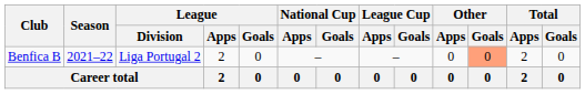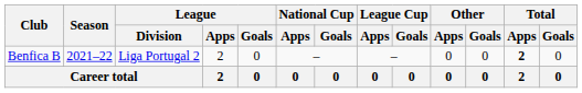 <table class="wikitable" style="text-align: center">
 <tr>
 <th rowspan="2">Club</th>
 <th rowspan="2">Season</th>
 <th colspan="3">League</th>
 <th colspan="2">National Cup</th>
 <th colspan="2">League Cup</th>
 <th colspan="2">Other</th>
 <th colspan="2">Total</th>
 </tr>
 <tr>
 <th>Division</th>
 <th>Apps</th>
 <th>Goals</th>
 <th>Apps</th>
 <th>Goals</th>
 <th>Apps</th>
 <th>Goals</th>
 <th>Apps</th>
 <th>Goals</th>
 <th>Apps</th>
 <th>Goals</th>
 </tr>
 <tr>
 <td><a href='#'>Benfica B</a></td>
 <td><a href='#'>2021–22</a></td>
 <td><a href='#'>Liga Portugal 2</a></td>
 <td>2</td>
 <td>0</td>
 <td colspan="2">–</td>
 <td colspan="2">–</td>
 <td>0</td>
-<td style="background: lightsalmon;">0</td>
-<td>2</td>
+<td>0</td>
+<td><strong>2</strong></td>
 <td>0</td>
 </tr>
 <tr>
 <th colspan="3"><strong>Career total</strong></th>
 <th>2</th>
 <th>0</th>
 <th>0</th>
 <th>0</th>
 <th>0</th>
 <th>0</th>
 <th>0</th>
 <th>0</th>
 <th>2</th>
 <th>0</th>
 </tr>
 </table>
